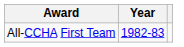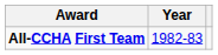 <table class="wikitable">
 <tr>
 <th>Award</th>
 <th>Year</th>
 <th></th>
 </tr>
 <tr>
-<td>All-<a href='#'>CCHA</a> <a href='#'>First Team</a></td>
+<td><strong>All-<a href='#'>CCHA</a> <a href='#'>First Team</a></strong></td>
 <td><a href='#'>1982-83</a></td>
 <td></td>
 </tr>
 </table>
